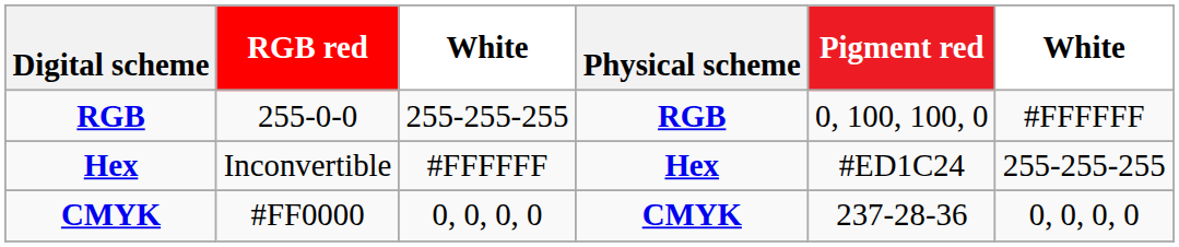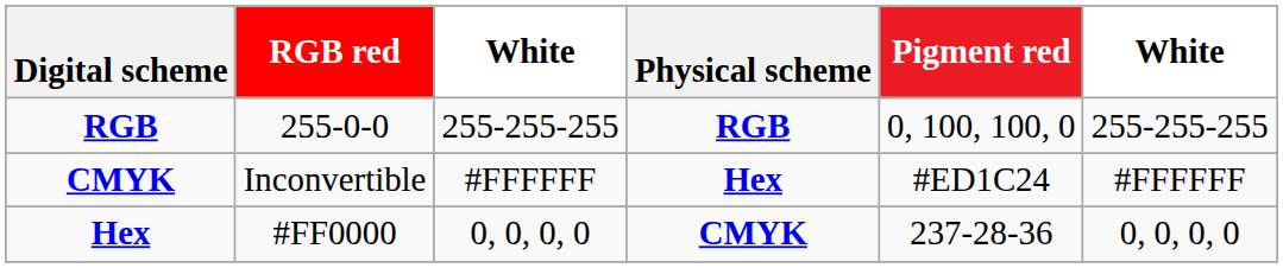 <table class="wikitable" style="text-align:center;">
 <tr>
 <th><br>Digital scheme</th>
 <th style="background-color:#f00;color:#fff">RGB red</th>
 <th style="background-color:#FFF">White</th>
 <th><br>Physical scheme</th>
 <th style="background-color:#ED1C24;color:#fff">Pigment red</th>
 <th style="background-color:#FFF">White</th>
 </tr>
 <tr>
 <td><strong><a href='#'>RGB</a></strong></td>
 <td>255-0-0</td>
 <td>255-255-255</td>
 <td><strong><a href='#'>RGB</a></strong></td>
 <td>0, 100, 100, 0</td>
+<td>255-255-255</td>
+</tr>
+<tr>
+<td><strong><a href='#'>CMYK</a></strong></td>
+<td>Inconvertible</td>
+<td>#FFFFFF</td>
+<td><strong><a href='#'>Hex</a></strong></td>
+<td>#ED1C24</td>
 <td>#FFFFFF</td>
 </tr>
 <tr>
 <td><strong><a href='#'>Hex</a></strong></td>
-<td>Inconvertible</td>
-<td>#FFFFFF</td>
-<td><strong><a href='#'>Hex</a></strong></td>
-<td>#ED1C24</td>
-<td>255-255-255</td>
-</tr>
-<tr>
-<td><strong><a href='#'>CMYK</a></strong></td>
 <td>#FF0000</td>
 <td>0, 0, 0, 0</td>
 <td><strong><a href='#'>CMYK</a></strong></td>
 <td>237-28-36</td>
 <td>0, 0, 0, 0</td>
 </tr>
 </table>
